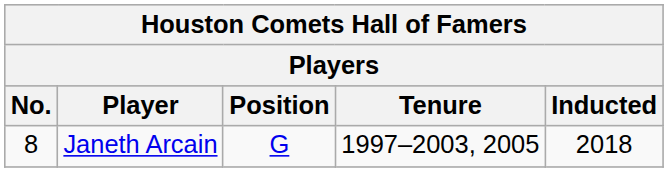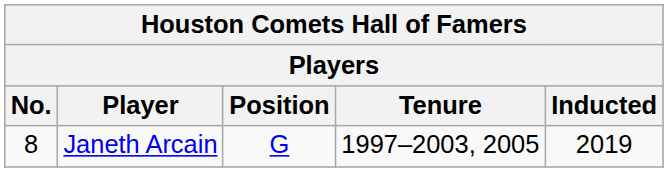 <table class="wikitable" style="text-align:center">
 <tr>
 <th colspan="5">Houston Comets Hall of Famers</th>
 </tr>
 <tr>
 <th colspan="5">Players</th>
 </tr>
 <tr>
 <th>No.</th>
 <th>Player</th>
 <th>Position</th>
 <th>Tenure</th>
 <th>Inducted</th>
 </tr>
 <tr>
 <td>8</td>
 <td><a href='#'>Janeth Arcain</a></td>
 <td><a href='#'>G</a></td>
 <td>1997–2003, 2005</td>
-<td>2018</td>
+<td>2019</td>
 </tr>
 </table>
